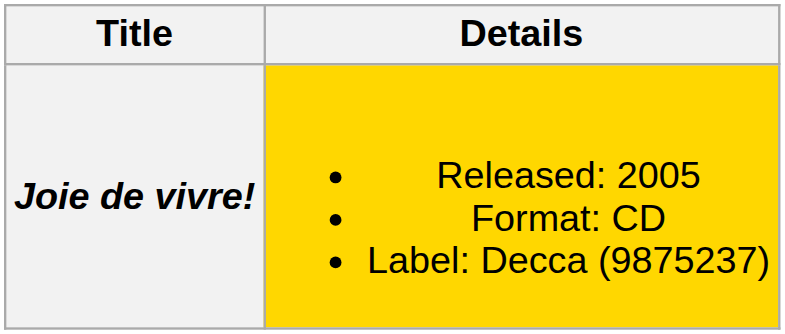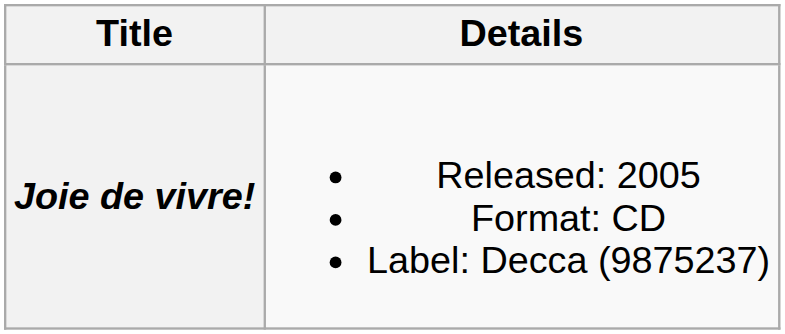 <table class="wikitable plainrowheaders" style="text-align:center;" border="1">
 <tr>
 <th>Title</th>
 <th>Details</th>
 </tr>
 <tr>
 <th scope="row"><em>Joie de vivre!</em></th>
-<td style="background: gold;"><br><ul><li>Released: 2005</li><li>Format: CD</li><li>Label: Decca (9875237)</li></ul></td>
+<td><br><ul><li>Released: 2005</li><li>Format: CD</li><li>Label: Decca (9875237)</li></ul></td>
 </tr>
 </table>
